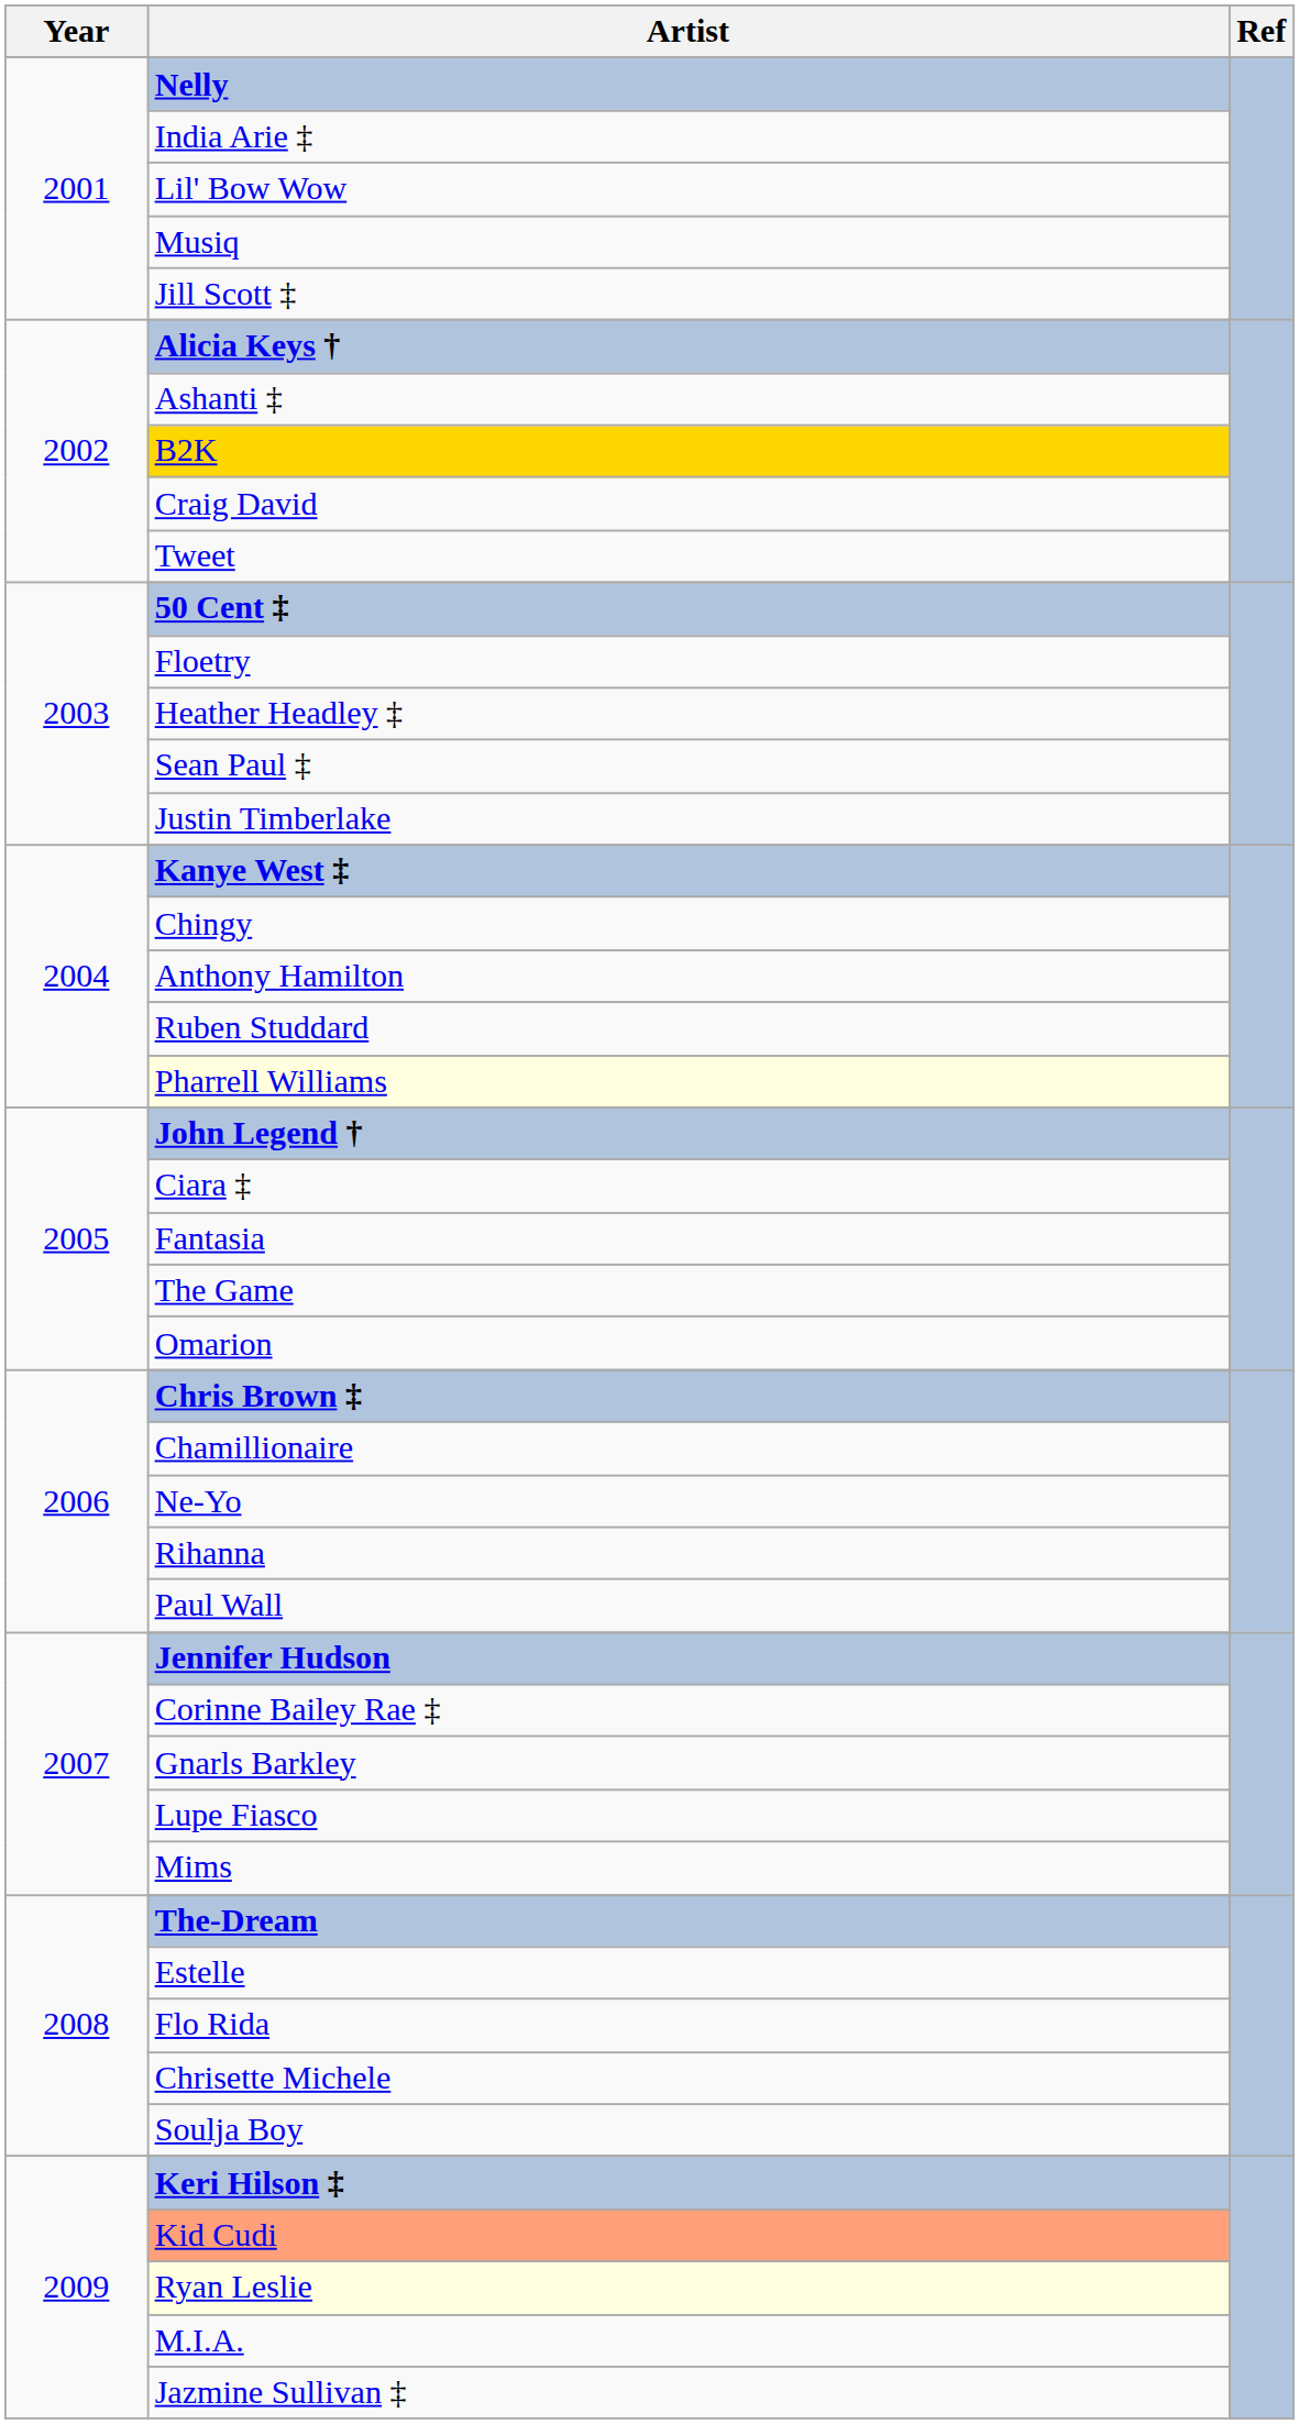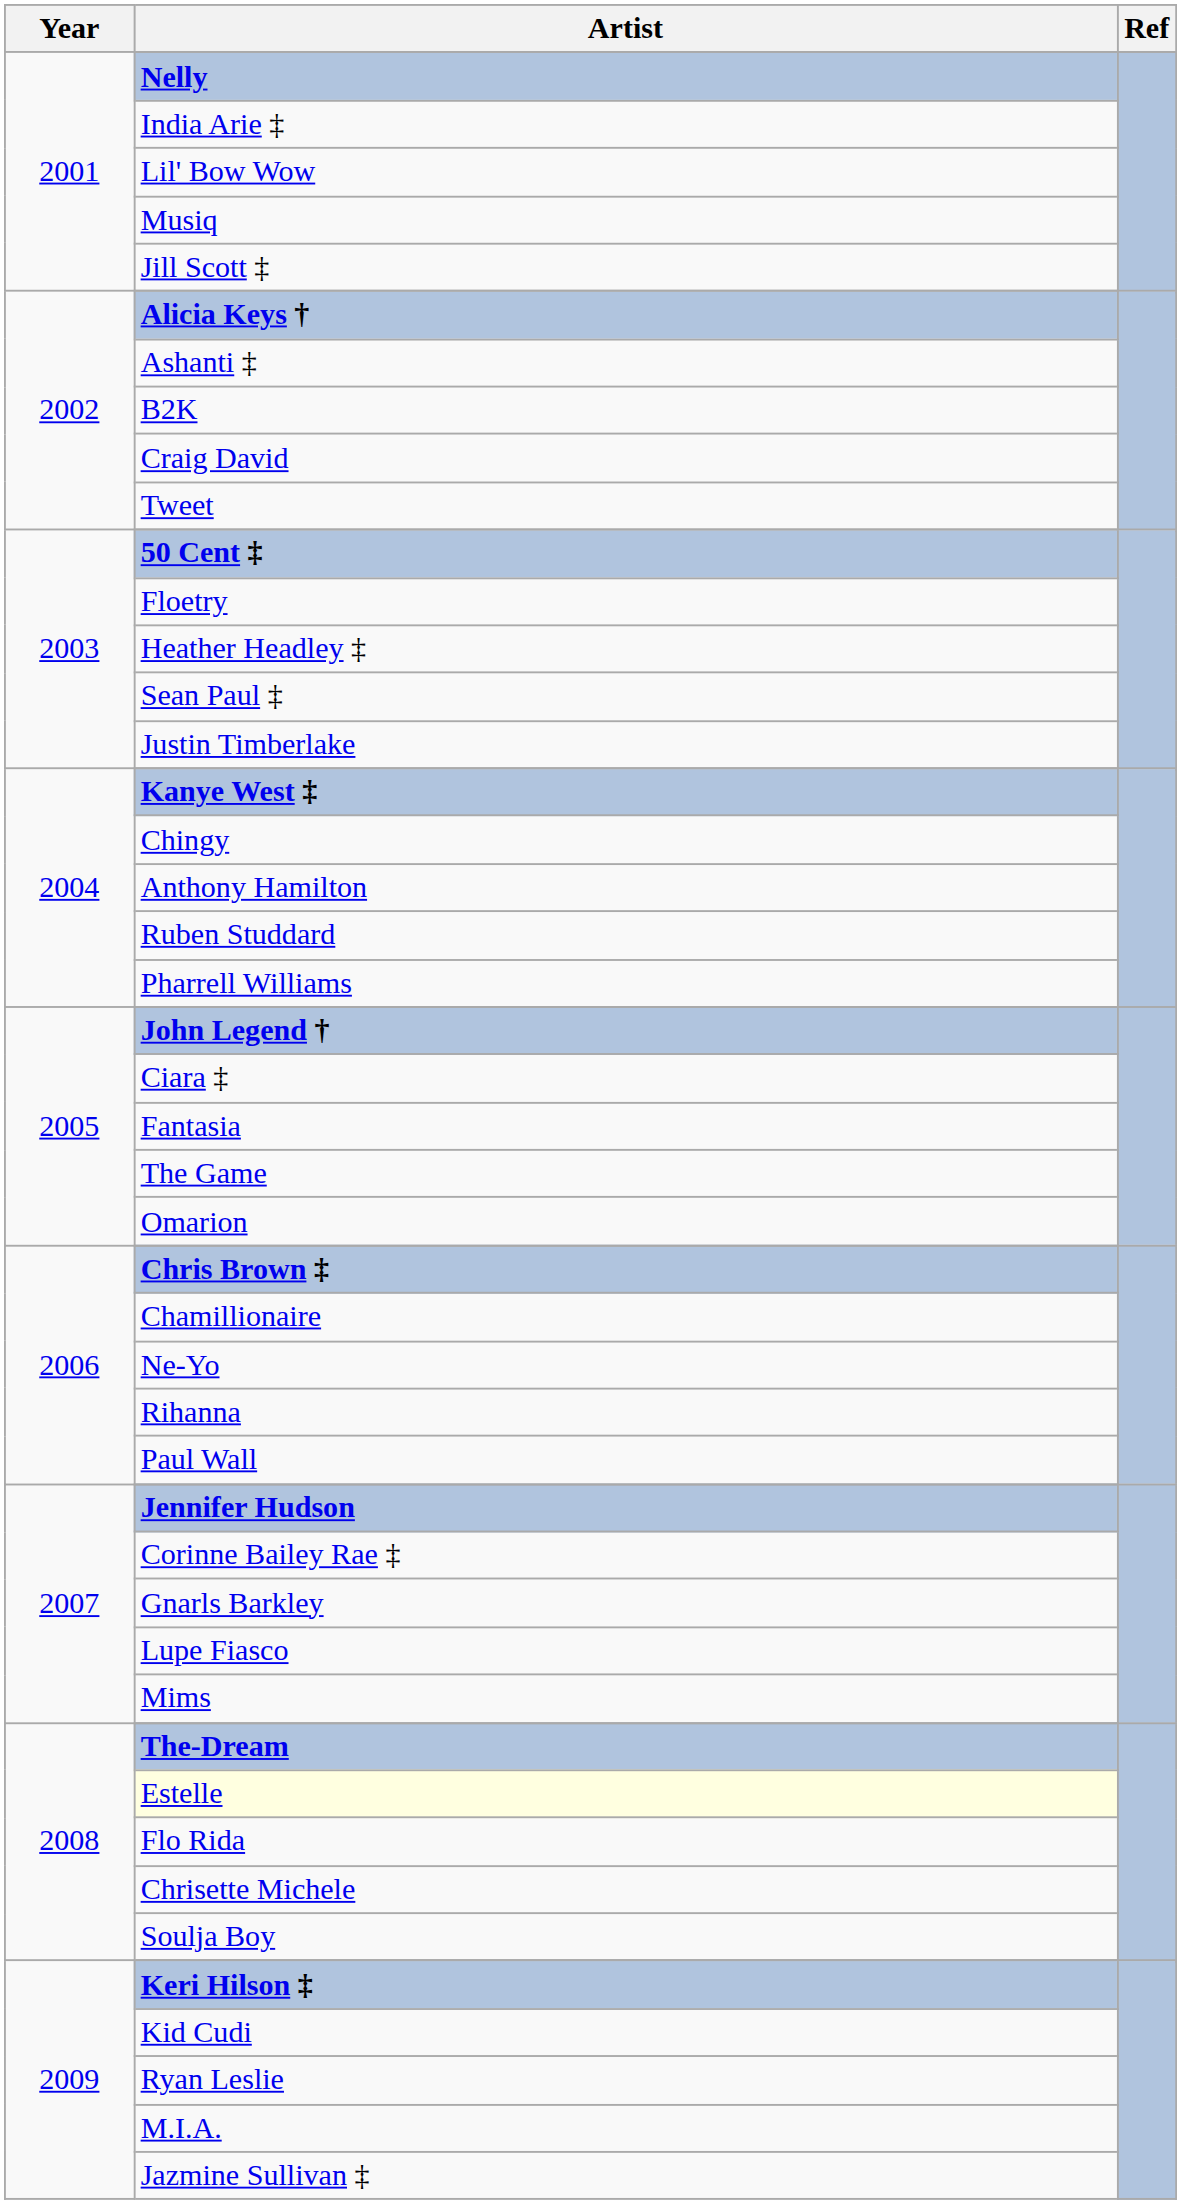 <table class="wikitable" style="width:100%;">
 <tr style="background:#bebebe;">
 <th style="width:11%;">Year</th>
 <th style="width:84%;">Artist</th>
 <th style="width:5%;">Ref</th>
 </tr>
 <tr>
 <td rowspan="6" align="center"><a href='#'>2001</a></td>
 </tr>
 <tr style="background:#B0C4DE">
 <td><strong><a href='#'>Nelly</a></strong></td>
 <td rowspan="6" align="center"></td>
 </tr>
 <tr>
 <td><a href='#'>India Arie</a> ‡</td>
 </tr>
 <tr>
 <td><a href='#'>Lil' Bow Wow</a></td>
 </tr>
 <tr>
 <td><a href='#'>Musiq</a></td>
 </tr>
 <tr>
 <td><a href='#'>Jill Scott</a> ‡</td>
 </tr>
 <tr>
 <td rowspan="6" align="center"><a href='#'>2002</a></td>
 </tr>
 <tr style="background:#B0C4DE">
 <td><strong><a href='#'>Alicia Keys</a> †</strong></td>
 <td rowspan="6" align="center"></td>
 </tr>
 <tr>
 <td><a href='#'>Ashanti</a> ‡</td>
 </tr>
 <tr>
-<td style="background: gold;"><a href='#'>B2K</a></td>
+<td><a href='#'>B2K</a></td>
 </tr>
 <tr>
 <td><a href='#'>Craig David</a></td>
 </tr>
 <tr>
 <td><a href='#'>Tweet</a></td>
 </tr>
 <tr>
 <td rowspan="6" align="center"><a href='#'>2003</a></td>
 </tr>
 <tr style="background:#B0C4DE">
 <td><strong><a href='#'>50 Cent</a> ‡</strong></td>
 <td rowspan="6" align="center"></td>
 </tr>
 <tr>
 <td><a href='#'>Floetry</a></td>
 </tr>
 <tr>
 <td><a href='#'>Heather Headley</a> ‡</td>
 </tr>
 <tr>
 <td><a href='#'>Sean Paul</a> ‡</td>
 </tr>
 <tr>
 <td><a href='#'>Justin Timberlake</a></td>
 </tr>
 <tr>
 <td rowspan="6" align="center"><a href='#'>2004</a></td>
 </tr>
 <tr style="background:#B0C4DE">
 <td><strong><a href='#'>Kanye West</a> ‡</strong></td>
 <td rowspan="6" align="center"></td>
 </tr>
 <tr>
 <td><a href='#'>Chingy</a></td>
 </tr>
 <tr>
 <td><a href='#'>Anthony Hamilton</a></td>
 </tr>
 <tr>
 <td><a href='#'>Ruben Studdard</a></td>
 </tr>
 <tr>
-<td style="background: lightyellow;"><a href='#'>Pharrell Williams</a></td>
+<td><a href='#'>Pharrell Williams</a></td>
 </tr>
 <tr>
 <td rowspan="6" align="center"><a href='#'>2005</a></td>
 </tr>
 <tr style="background:#B0C4DE">
 <td><strong><a href='#'>John Legend</a> †</strong></td>
 <td rowspan="6" align="center"></td>
 </tr>
 <tr>
 <td><a href='#'>Ciara</a> ‡</td>
 </tr>
 <tr>
 <td><a href='#'>Fantasia</a></td>
 </tr>
 <tr>
 <td><a href='#'>The Game</a></td>
 </tr>
 <tr>
 <td><a href='#'>Omarion</a></td>
 </tr>
 <tr>
 <td rowspan="6" align="center"><a href='#'>2006</a></td>
 </tr>
 <tr style="background:#B0C4DE">
 <td><strong><a href='#'>Chris Brown</a> ‡</strong></td>
 <td rowspan="6" align="center"></td>
 </tr>
 <tr>
 <td><a href='#'>Chamillionaire</a></td>
 </tr>
 <tr>
 <td><a href='#'>Ne-Yo</a></td>
 </tr>
 <tr>
 <td><a href='#'>Rihanna</a></td>
 </tr>
 <tr>
 <td><a href='#'>Paul Wall</a></td>
 </tr>
 <tr>
 <td rowspan="6" align="center"><a href='#'>2007</a></td>
 </tr>
 <tr style="background:#B0C4DE">
 <td><strong><a href='#'>Jennifer Hudson</a></strong></td>
 <td rowspan="6" align="center"></td>
 </tr>
 <tr>
 <td><a href='#'>Corinne Bailey Rae</a> ‡</td>
 </tr>
 <tr>
 <td><a href='#'>Gnarls Barkley</a></td>
 </tr>
 <tr>
 <td><a href='#'>Lupe Fiasco</a></td>
 </tr>
 <tr>
 <td><a href='#'>Mims</a></td>
 </tr>
 <tr>
 <td rowspan="6" align="center"><a href='#'>2008</a></td>
 </tr>
 <tr style="background:#B0C4DE">
 <td><strong><a href='#'>The-Dream</a></strong></td>
 <td rowspan="6" align="center"></td>
 </tr>
 <tr>
-<td><a href='#'>Estelle</a></td>
+<td style="background: lightyellow;"><a href='#'>Estelle</a></td>
 </tr>
 <tr>
 <td><a href='#'>Flo Rida</a></td>
 </tr>
 <tr>
 <td><a href='#'>Chrisette Michele</a></td>
 </tr>
 <tr>
 <td><a href='#'>Soulja Boy</a></td>
 </tr>
 <tr>
 <td rowspan="6" align="center"><a href='#'>2009</a></td>
 </tr>
 <tr style="background:#B0C4DE">
 <td><strong><a href='#'>Keri Hilson</a> ‡</strong></td>
 <td rowspan="6" align="center"></td>
 </tr>
 <tr>
-<td style="background: lightsalmon;"><a href='#'>Kid Cudi</a></td>
+<td><a href='#'>Kid Cudi</a></td>
 </tr>
 <tr>
-<td style="background: lightyellow;"><a href='#'>Ryan Leslie</a></td>
+<td><a href='#'>Ryan Leslie</a></td>
 </tr>
 <tr>
 <td><a href='#'>M.I.A.</a></td>
 </tr>
 <tr>
 <td><a href='#'>Jazmine Sullivan</a> ‡</td>
 </tr>
 </table>
